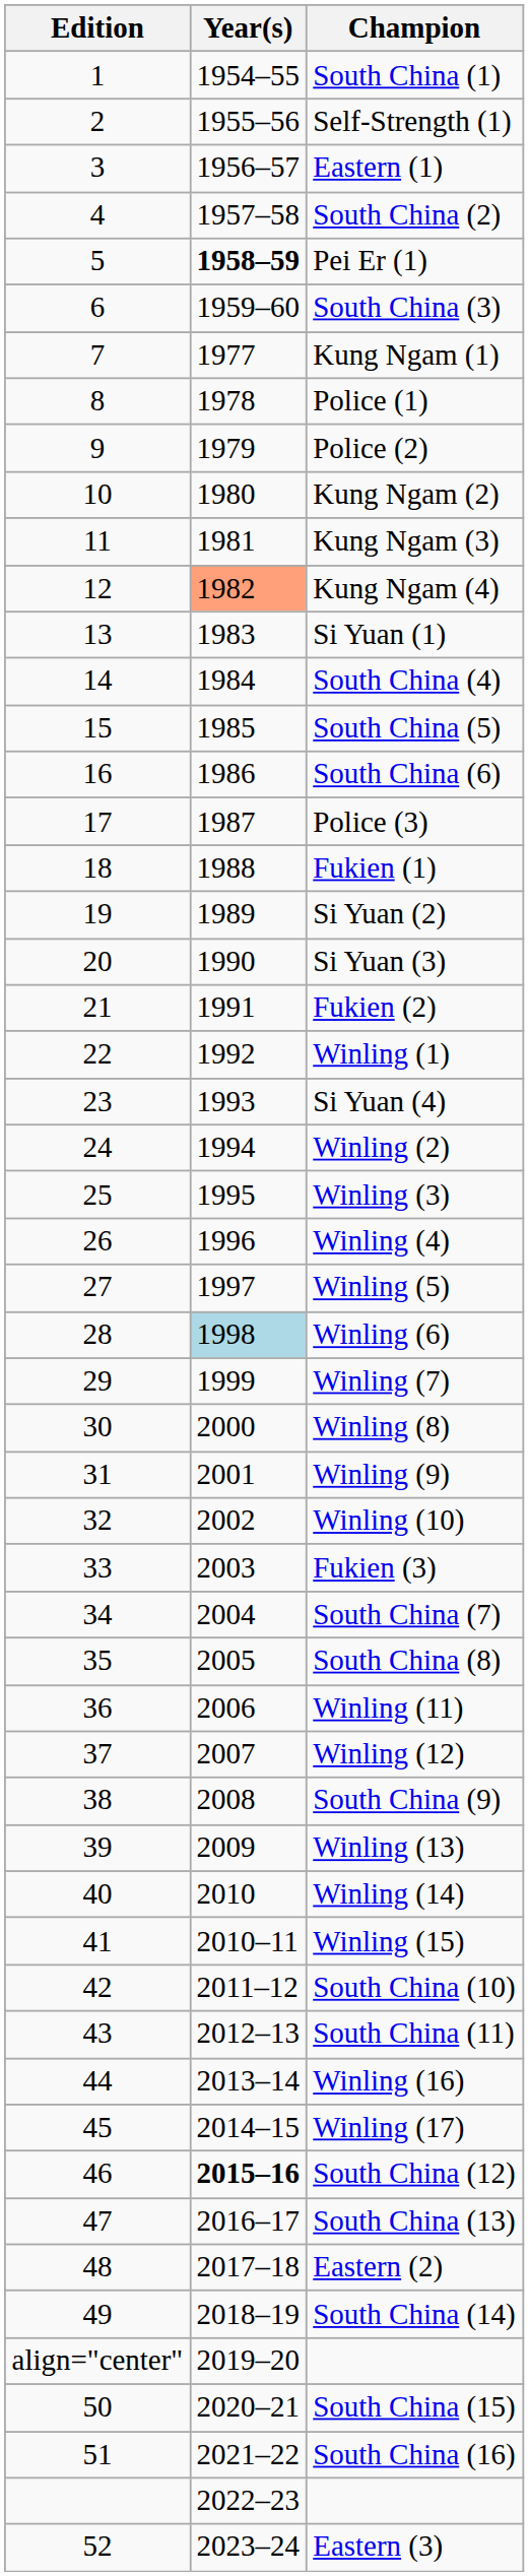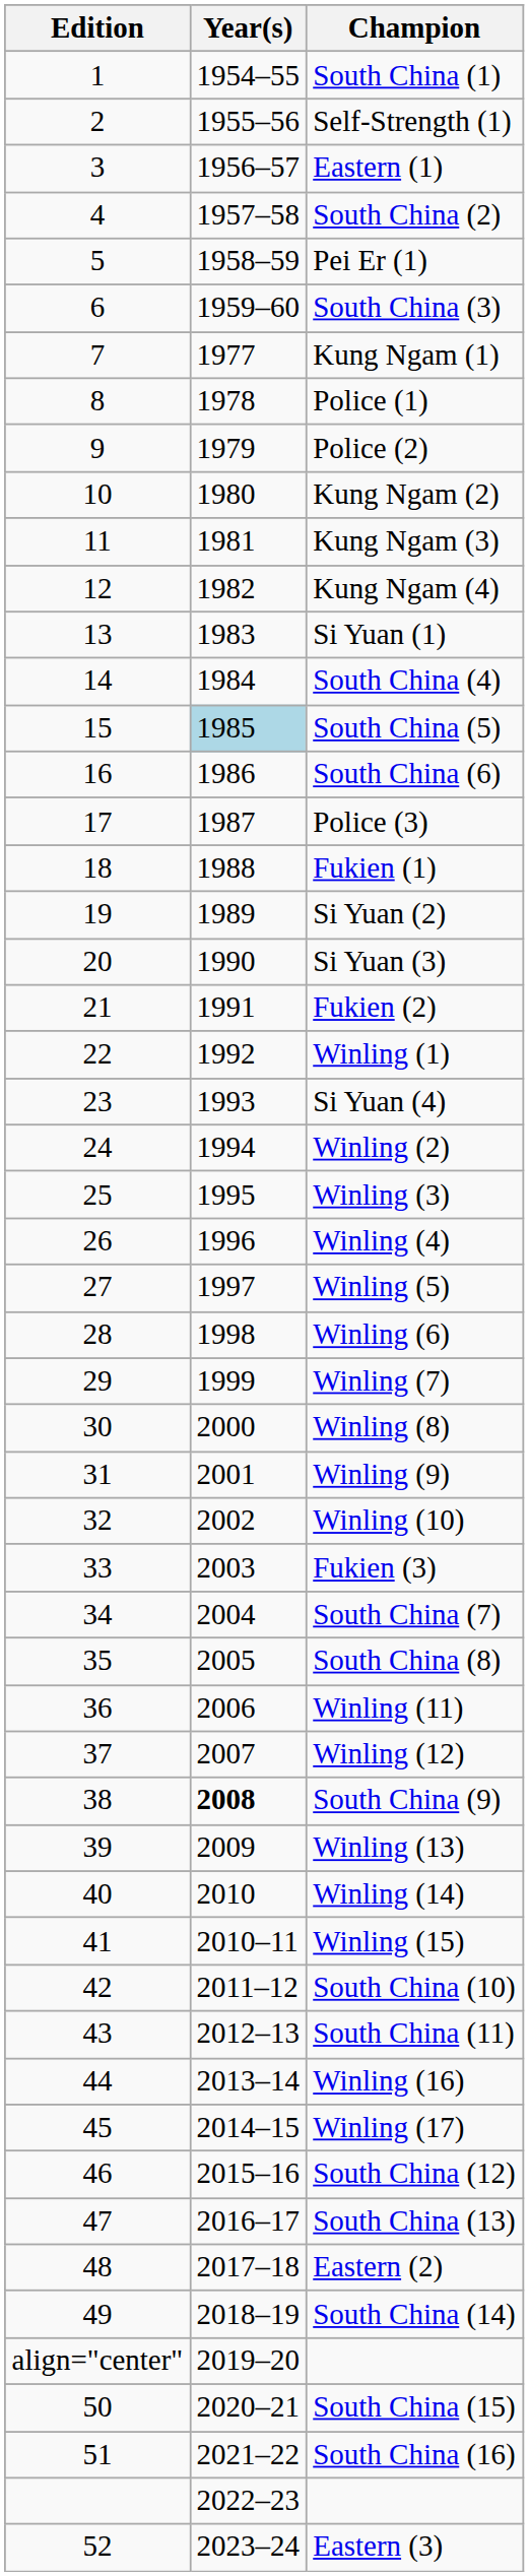 <table class="wikitable">
 <tr>
 <th align="center">Edition</th>
 <th align="center">Year(s)</th>
 <th align="center">Champion</th>
 </tr>
 <tr>
 <td align="center">1</td>
 <td>1954–55</td>
 <td><a href='#'>South China</a> (1)</td>
 </tr>
 <tr>
 <td align="center">2</td>
 <td>1955–56</td>
 <td>Self-Strength (1)</td>
 </tr>
 <tr>
 <td align="center">3</td>
 <td>1956–57</td>
 <td><a href='#'>Eastern</a> (1)</td>
 </tr>
 <tr>
 <td align="center">4</td>
 <td>1957–58</td>
 <td><a href='#'>South China</a> (2)</td>
 </tr>
 <tr>
 <td align="center">5</td>
-<td><strong>1958–59</strong></td>
+<td>1958–59</td>
 <td>Pei Er (1)</td>
 </tr>
 <tr>
 <td align="center">6</td>
 <td>1959–60</td>
 <td><a href='#'>South China</a> (3)</td>
 </tr>
 <tr>
 <td align="center">7</td>
 <td>1977</td>
 <td>Kung Ngam (1)</td>
 </tr>
 <tr>
 <td align="center">8</td>
 <td>1978</td>
 <td>Police (1)</td>
 </tr>
 <tr>
 <td align="center">9</td>
 <td>1979</td>
 <td>Police (2)</td>
 </tr>
 <tr>
 <td align="center">10</td>
 <td>1980</td>
 <td>Kung Ngam (2)</td>
 </tr>
 <tr>
 <td align="center">11</td>
 <td>1981</td>
 <td>Kung Ngam (3)</td>
 </tr>
 <tr>
 <td align="center">12</td>
-<td style="background: lightsalmon;">1982</td>
+<td>1982</td>
 <td>Kung Ngam (4)</td>
 </tr>
 <tr>
 <td align="center">13</td>
 <td>1983</td>
 <td>Si Yuan (1)</td>
 </tr>
 <tr>
 <td align="center">14</td>
 <td>1984</td>
 <td><a href='#'>South China</a> (4)</td>
 </tr>
 <tr>
 <td align="center">15</td>
-<td>1985</td>
+<td style="background: lightblue;">1985</td>
 <td><a href='#'>South China</a> (5)</td>
 </tr>
 <tr>
 <td align="center">16</td>
 <td>1986</td>
 <td><a href='#'>South China</a> (6)</td>
 </tr>
 <tr>
 <td align="center">17</td>
 <td>1987</td>
 <td>Police (3)</td>
 </tr>
 <tr>
 <td align="center">18</td>
 <td>1988</td>
 <td><a href='#'>Fukien</a> (1)</td>
 </tr>
 <tr>
 <td align="center">19</td>
 <td>1989</td>
 <td>Si Yuan (2)</td>
 </tr>
 <tr>
 <td align="center">20</td>
 <td>1990</td>
 <td>Si Yuan (3)</td>
 </tr>
 <tr>
 <td align="center">21</td>
 <td>1991</td>
 <td><a href='#'>Fukien</a> (2)</td>
 </tr>
 <tr>
 <td align="center">22</td>
 <td>1992</td>
 <td><a href='#'>Winling</a> (1)</td>
 </tr>
 <tr>
 <td align="center">23</td>
 <td>1993</td>
 <td>Si Yuan (4)</td>
 </tr>
 <tr>
 <td align="center">24</td>
 <td>1994</td>
 <td><a href='#'>Winling</a> (2)</td>
 </tr>
 <tr>
 <td align="center">25</td>
 <td>1995</td>
 <td><a href='#'>Winling</a> (3)</td>
 </tr>
 <tr>
 <td align="center">26</td>
 <td>1996</td>
 <td><a href='#'>Winling</a> (4)</td>
 </tr>
 <tr>
 <td align="center">27</td>
 <td>1997</td>
 <td><a href='#'>Winling</a> (5)</td>
 </tr>
 <tr>
 <td align="center">28</td>
-<td style="background: lightblue;">1998</td>
+<td>1998</td>
 <td><a href='#'>Winling</a> (6)</td>
 </tr>
 <tr>
 <td align="center">29</td>
 <td>1999</td>
 <td><a href='#'>Winling</a> (7)</td>
 </tr>
 <tr>
 <td align="center">30</td>
 <td>2000</td>
 <td><a href='#'>Winling</a> (8)</td>
 </tr>
 <tr>
 <td align="center">31</td>
 <td>2001</td>
 <td><a href='#'>Winling</a> (9)</td>
 </tr>
 <tr>
 <td align="center">32</td>
 <td>2002</td>
 <td><a href='#'>Winling</a> (10)</td>
 </tr>
 <tr>
 <td align="center">33</td>
 <td>2003</td>
 <td><a href='#'>Fukien</a> (3)</td>
 </tr>
 <tr>
 <td align="center">34</td>
 <td>2004</td>
 <td><a href='#'>South China</a> (7)</td>
 </tr>
 <tr>
 <td align="center">35</td>
 <td>2005</td>
 <td><a href='#'>South China</a> (8)</td>
 </tr>
 <tr>
 <td align="center">36</td>
 <td>2006</td>
 <td><a href='#'>Winling</a> (11)</td>
 </tr>
 <tr>
 <td align="center">37</td>
 <td>2007</td>
 <td><a href='#'>Winling</a> (12)</td>
 </tr>
 <tr>
 <td align="center">38</td>
-<td>2008</td>
+<td><strong>2008</strong></td>
 <td><a href='#'>South China</a> (9)</td>
 </tr>
 <tr>
 <td align="center">39</td>
 <td>2009</td>
 <td><a href='#'>Winling</a> (13)</td>
 </tr>
 <tr>
 <td align="center">40</td>
 <td>2010</td>
 <td><a href='#'>Winling</a> (14)</td>
 </tr>
 <tr>
 <td align="center">41</td>
 <td>2010–11</td>
 <td><a href='#'>Winling</a> (15)</td>
 </tr>
 <tr>
 <td align="center">42</td>
 <td>2011–12</td>
 <td><a href='#'>South China</a> (10)</td>
 </tr>
 <tr>
 <td align="center">43</td>
 <td>2012–13</td>
 <td><a href='#'>South China</a> (11)</td>
 </tr>
 <tr>
 <td align="center">44</td>
 <td>2013–14</td>
 <td><a href='#'>Winling</a> (16)</td>
 </tr>
 <tr>
 <td align="center">45</td>
 <td>2014–15</td>
 <td><a href='#'>Winling</a> (17)</td>
 </tr>
 <tr>
 <td align="center">46</td>
-<td><strong>2015–16</strong></td>
+<td>2015–16</td>
 <td><a href='#'>South China</a> (12)</td>
 </tr>
 <tr>
 <td align="center">47</td>
 <td>2016–17</td>
 <td><a href='#'>South China</a> (13)</td>
 </tr>
 <tr>
 <td align="center">48</td>
 <td>2017–18</td>
 <td><a href='#'>Eastern</a> (2)</td>
 </tr>
 <tr>
 <td align="center">49</td>
 <td>2018–19</td>
 <td><a href='#'>South China</a> (14)</td>
 </tr>
 <tr>
 <td>align="center" </td>
 <td>2019–20</td>
 <td></td>
 </tr>
 <tr>
 <td align="center">50</td>
 <td>2020–21</td>
 <td><a href='#'>South China</a> (15)</td>
 </tr>
 <tr>
 <td align="center">51</td>
 <td>2021–22</td>
 <td><a href='#'>South China</a> (16)</td>
 </tr>
 <tr>
 <td></td>
 <td>2022–23</td>
 <td></td>
 </tr>
 <tr>
 <td align="center">52</td>
 <td>2023–24</td>
 <td><a href='#'>Eastern</a> (3)</td>
 </tr>
 </table>
